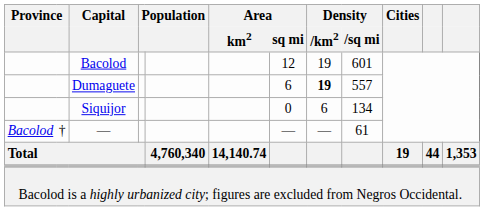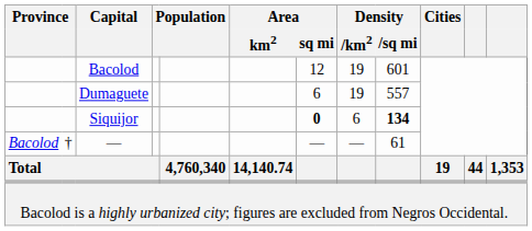 <table class="wikitable sortable" style="background-color:#FDFDFD;text-align:center;font-size:90%;border:1pt solid grey;">
 <tr>
 <th scope="col" style="border-bottom:none;" colspan=2 class="unsortable">Province </th>
 <th scope="col" style="border-bottom:none;" class="unsortable">Capital</th>
 <th scope="col" style="border-bottom:none;white-space:nowrap;" class="unsortable" colspan=2>Population </th>
 <th scope="col" style="border-bottom:none;" colspan=2>Area</th>
 <th scope="col" style="border-bottom:none;" colspan=2>Density</th>
 <th scope="col" style="border-bottom:none;" class="unsortable">Cities</th>
 <th scope="col" style="border-bottom:none;" class="unsortable"></th>
 <th scope="col" style="border-bottom:none;" class="unsortable"></th>
 </tr>
 <tr>
 <th scope="col" style="border-top:none;" colspan=2></th>
 <th scope="col" style="border-top:none;"></th>
 <th scope="col" style="border-top:none;" colspan=2></th>
 <th scope="col" style="border-style:none none solid solid;">km<sup>2</sup></th>
 <th scope="col" style="border-style:none solid solid none;white-space:nowrap;" class="unsortable">sq mi</th>
 <th scope="col" style="border-style:none none solid solid;">/km<sup>2</sup></th>
 <th scope="col" style="border-style:none solid solid none;white-space:nowrap;" class="unsortable">/sq mi</th>
 <th scope="col" style="border-top:none;"></th>
 <th scope="col" style="border-top:none;"></th>
 <th scope="col" style="border-top:none;"></th>
 </tr>
 <tr>
 <th scope="row" style="text-align:left;background-color:initial;" colspan=2></th>
 <td><a href='#'>Bacolod</a></td>
 <td></td>
 <td></td>
 <td></td>
 <td>12</td>
 <td>19</td>
 <td>601</td>
 </tr>
 <tr>
 <th scope="row" style="text-align:left;background-color:initial;" colspan=2></th>
 <td><a href='#'>Dumaguete</a></td>
 <td></td>
 <td></td>
 <td></td>
 <td>6</td>
-<td><strong>19</strong></td>
+<td>19</td>
 <td>557</td>
 </tr>
 <tr>
 <th scope="row" style="text-align:left;background-color:initial;" colspan=2></th>
 <td><a href='#'>Siquijor</a></td>
 <td></td>
 <td></td>
 <td></td>
-<td>0</td>
+<td><strong>0</strong></td>
 <td>6</td>
-<td>134</td>
+<td><strong>134</strong></td>
 </tr>
 <tr>
 <th scope="row" style="text-align:left;background-color:initial;border-right:0;font-weight:normal;font-style:italic;">  <a href='#'>Bacolod</a></th>
 <td style="text-align:right;border-left:0;">†</td>
 <td>—</td>
 <td></td>
 <td></td>
 <td></td>
 <td>—</td>
 <td>—</td>
 <td>61</td>
 </tr>
 <tr class="sortbottom">
 <th scope="row" colspan=4 style="text-align:left;">Total</th>
 <th scope="col" style="text-align:right;">4,760,340</th>
 <th scope="col" style="text-align:right;">14,140.74</th>
 <th scope="col"></th>
 <th scope="col" style="text-align:right;"></th>
 <th scope="col" style="text-align:right;"></th>
 <th scope="col">19</th>
 <th scope="col">44</th>
 <th scope="col">1,353</th>
 </tr>
 <tr class="sortbottom" style="text-align:left;background-color:#F2F2F2;border-top:double grey">
 <td colspan="13" style="padding-left:1em;"><br> Bacolod is a <em>highly urbanized city</em>; figures are excluded from Negros Occidental.</td>
 </tr>
 </table>
